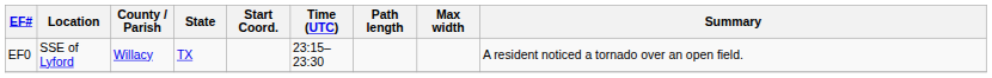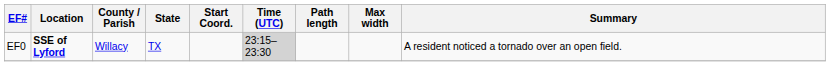 <table class="wikitable sortable" style="width:100%;">
 <tr>
 <th scope="col"  style="width:3%; text-align:center;"><a href='#'>EF#</a></th>
 <th scope="col"  style="width:7%; text-align:center;" class="unsortable">Location</th>
 <th scope="col"  style="width:6%; text-align:center;" class="unsortable">County / Parish</th>
 <th scope="col"  style="width:5%; text-align:center;">State</th>
 <th scope="col"  style="width:6%; text-align:center;">Start Coord.</th>
 <th scope="col"  style="width:6%; text-align:center;">Time (<a href='#'>UTC</a>)</th>
 <th scope="col"  style="width:6%; text-align:center;">Path length</th>
 <th scope="col"  style="width:6%; text-align:center;">Max width</th>
 <th scope="col" class="unsortable" style="width:48%; text-align:center;">Summary</th>
 </tr>
 <tr>
 <td>EF0</td>
-<td>SSE of <a href='#'>Lyford</a></td>
+<td><strong>SSE of <a href='#'>Lyford</a></strong></td>
 <td><a href='#'>Willacy</a></td>
 <td><a href='#'>TX</a></td>
 <td></td>
-<td>23:15–23:30</td>
+<td style="background: lightgrey;">23:15–23:30</td>
 <td></td>
 <td></td>
 <td>A resident noticed a tornado over an open field.</td>
 </tr>
 <tr>
 </tr>
 </table>
